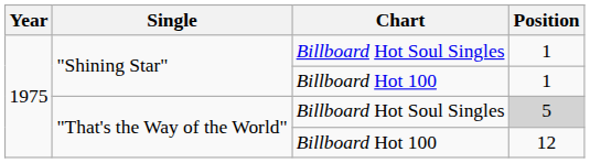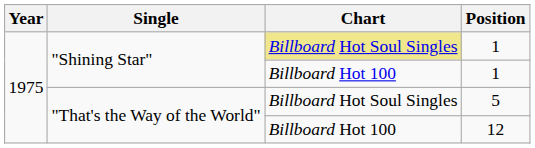 <table class="wikitable">
 <tr>
 <th>Year</th>
 <th>Single</th>
 <th>Chart</th>
 <th>Position</th>
 </tr>
 <tr>
 <td rowspan="4">1975</td>
 <td rowspan="2">"Shining Star"</td>
-<td><em><a href='#'>Billboard</a></em> <a href='#'>Hot Soul Singles</a></td>
+<td style="background: khaki;"><em><a href='#'>Billboard</a></em> <a href='#'>Hot Soul Singles</a></td>
 <td style="text-align:center;">1</td>
 </tr>
 <tr>
 <td><em>Billboard</em> <a href='#'>Hot 100</a></td>
 <td style="text-align:center;">1</td>
 </tr>
 <tr>
 <td rowspan="2">"That's the Way of the World"</td>
 <td><em>Billboard</em> Hot Soul Singles</td>
-<td style="background: lightgrey; text-align:center;">5</td>
+<td style="text-align:center;">5</td>
 </tr>
 <tr>
 <td><em>Billboard</em> Hot 100</td>
 <td style="text-align:center;">12</td>
 </tr>
 </table>
